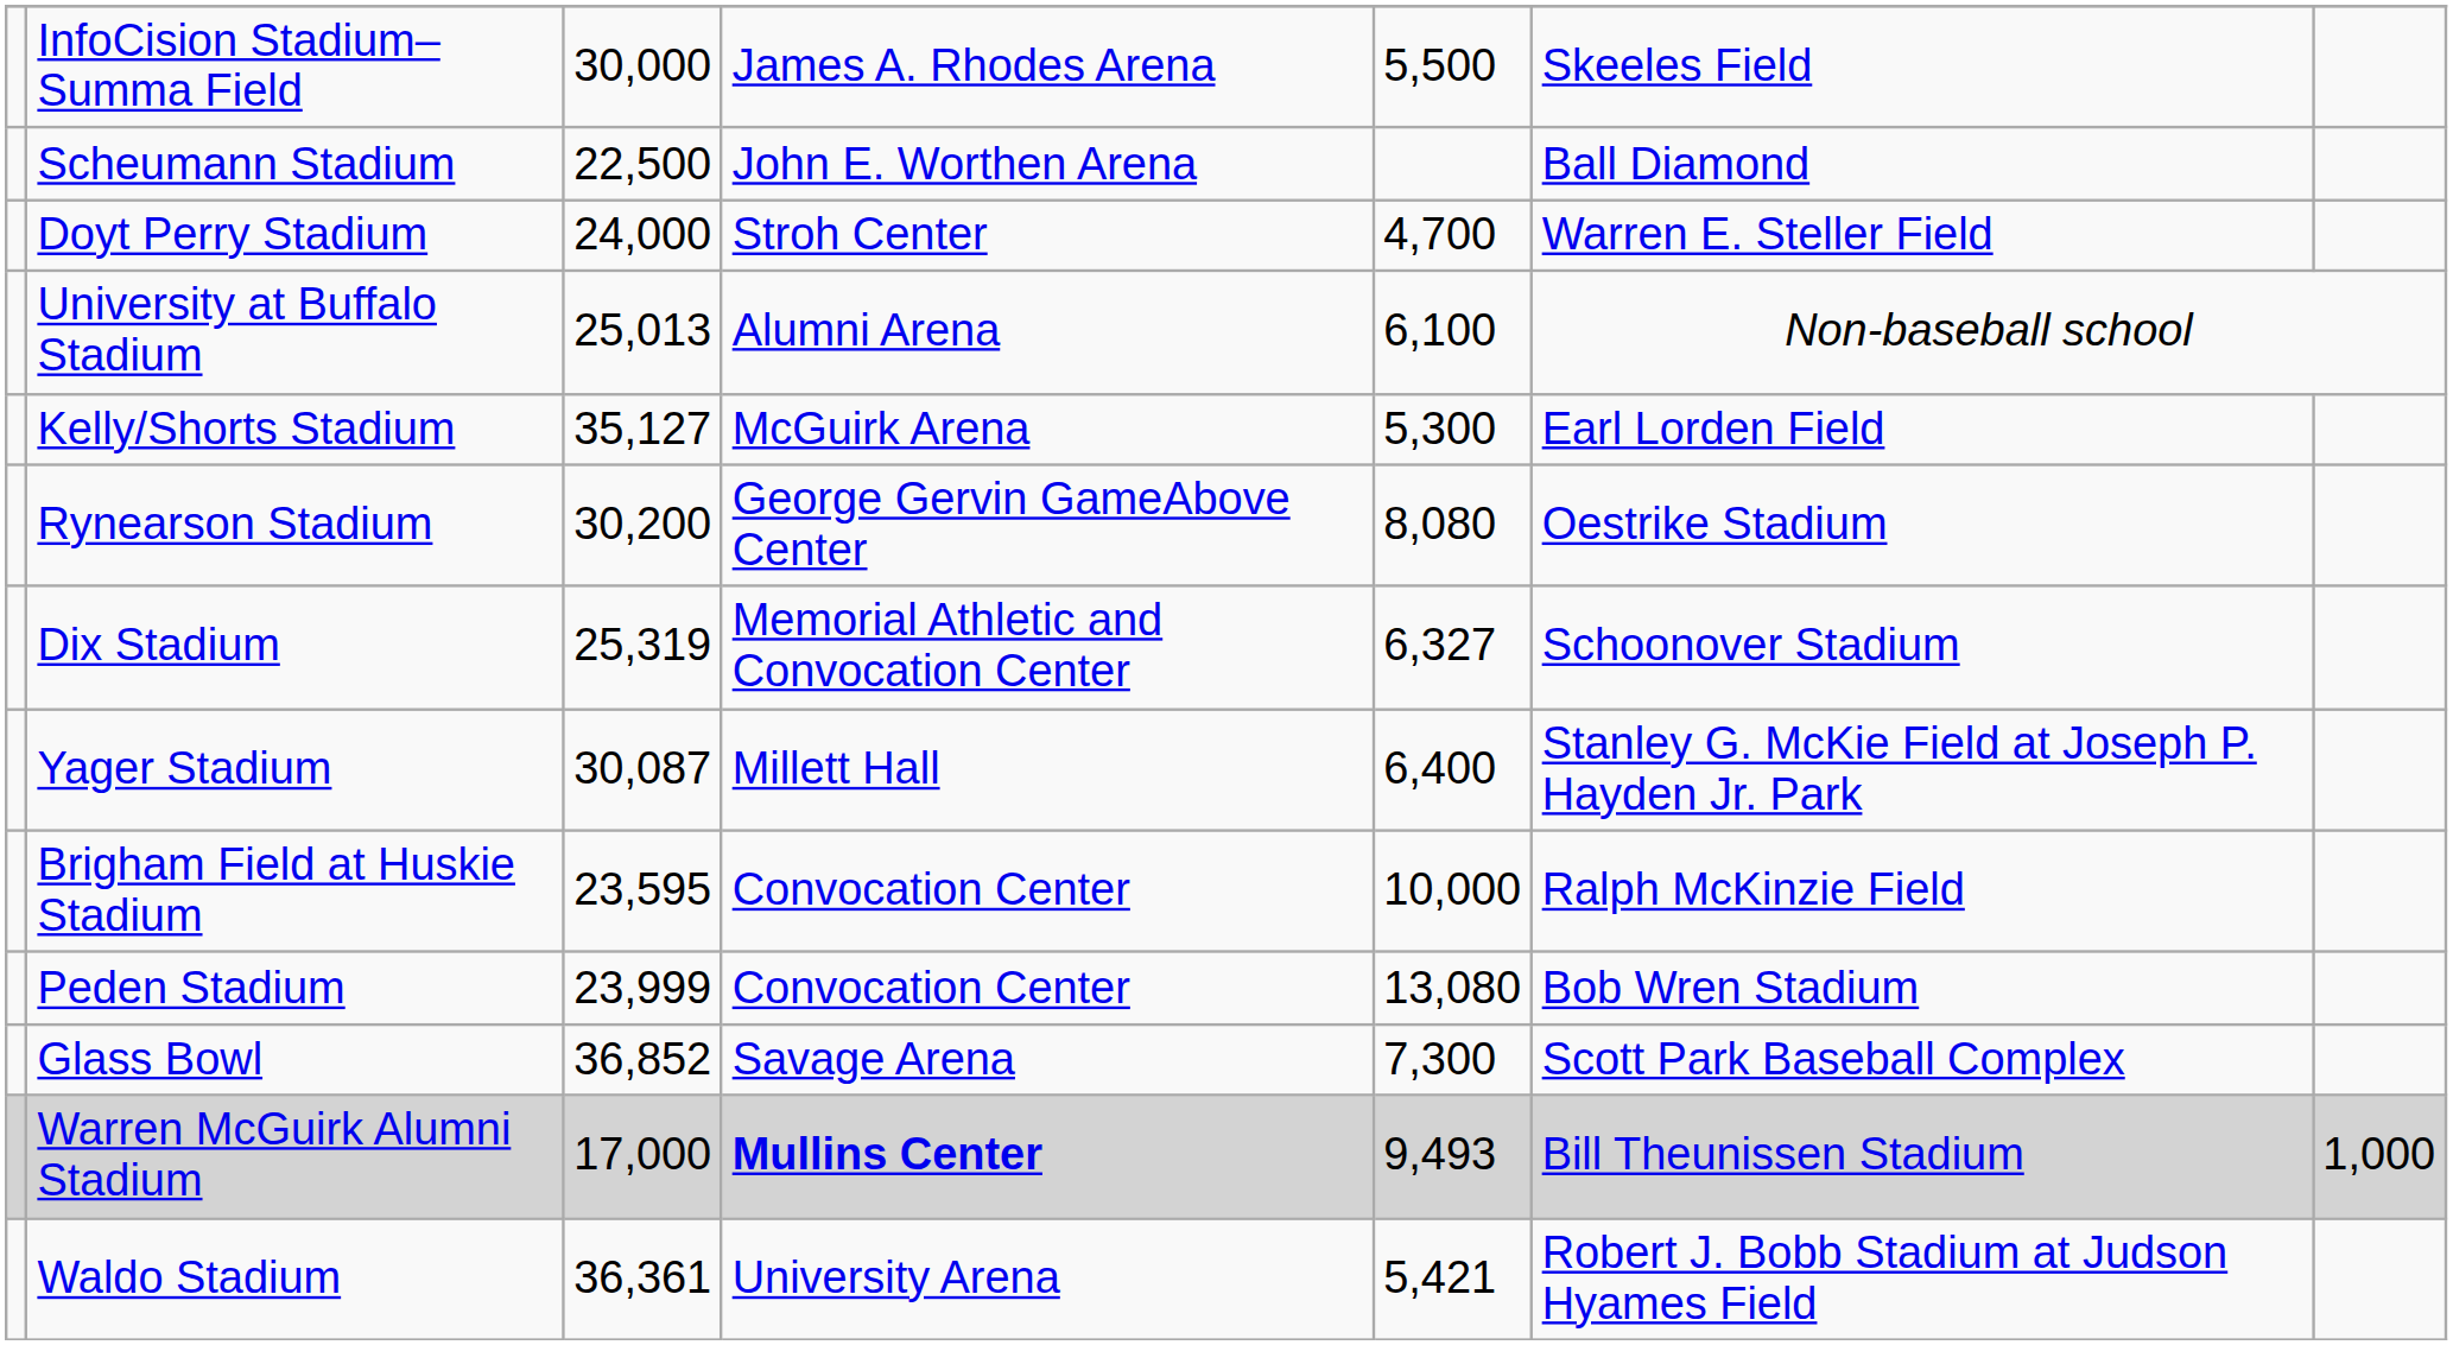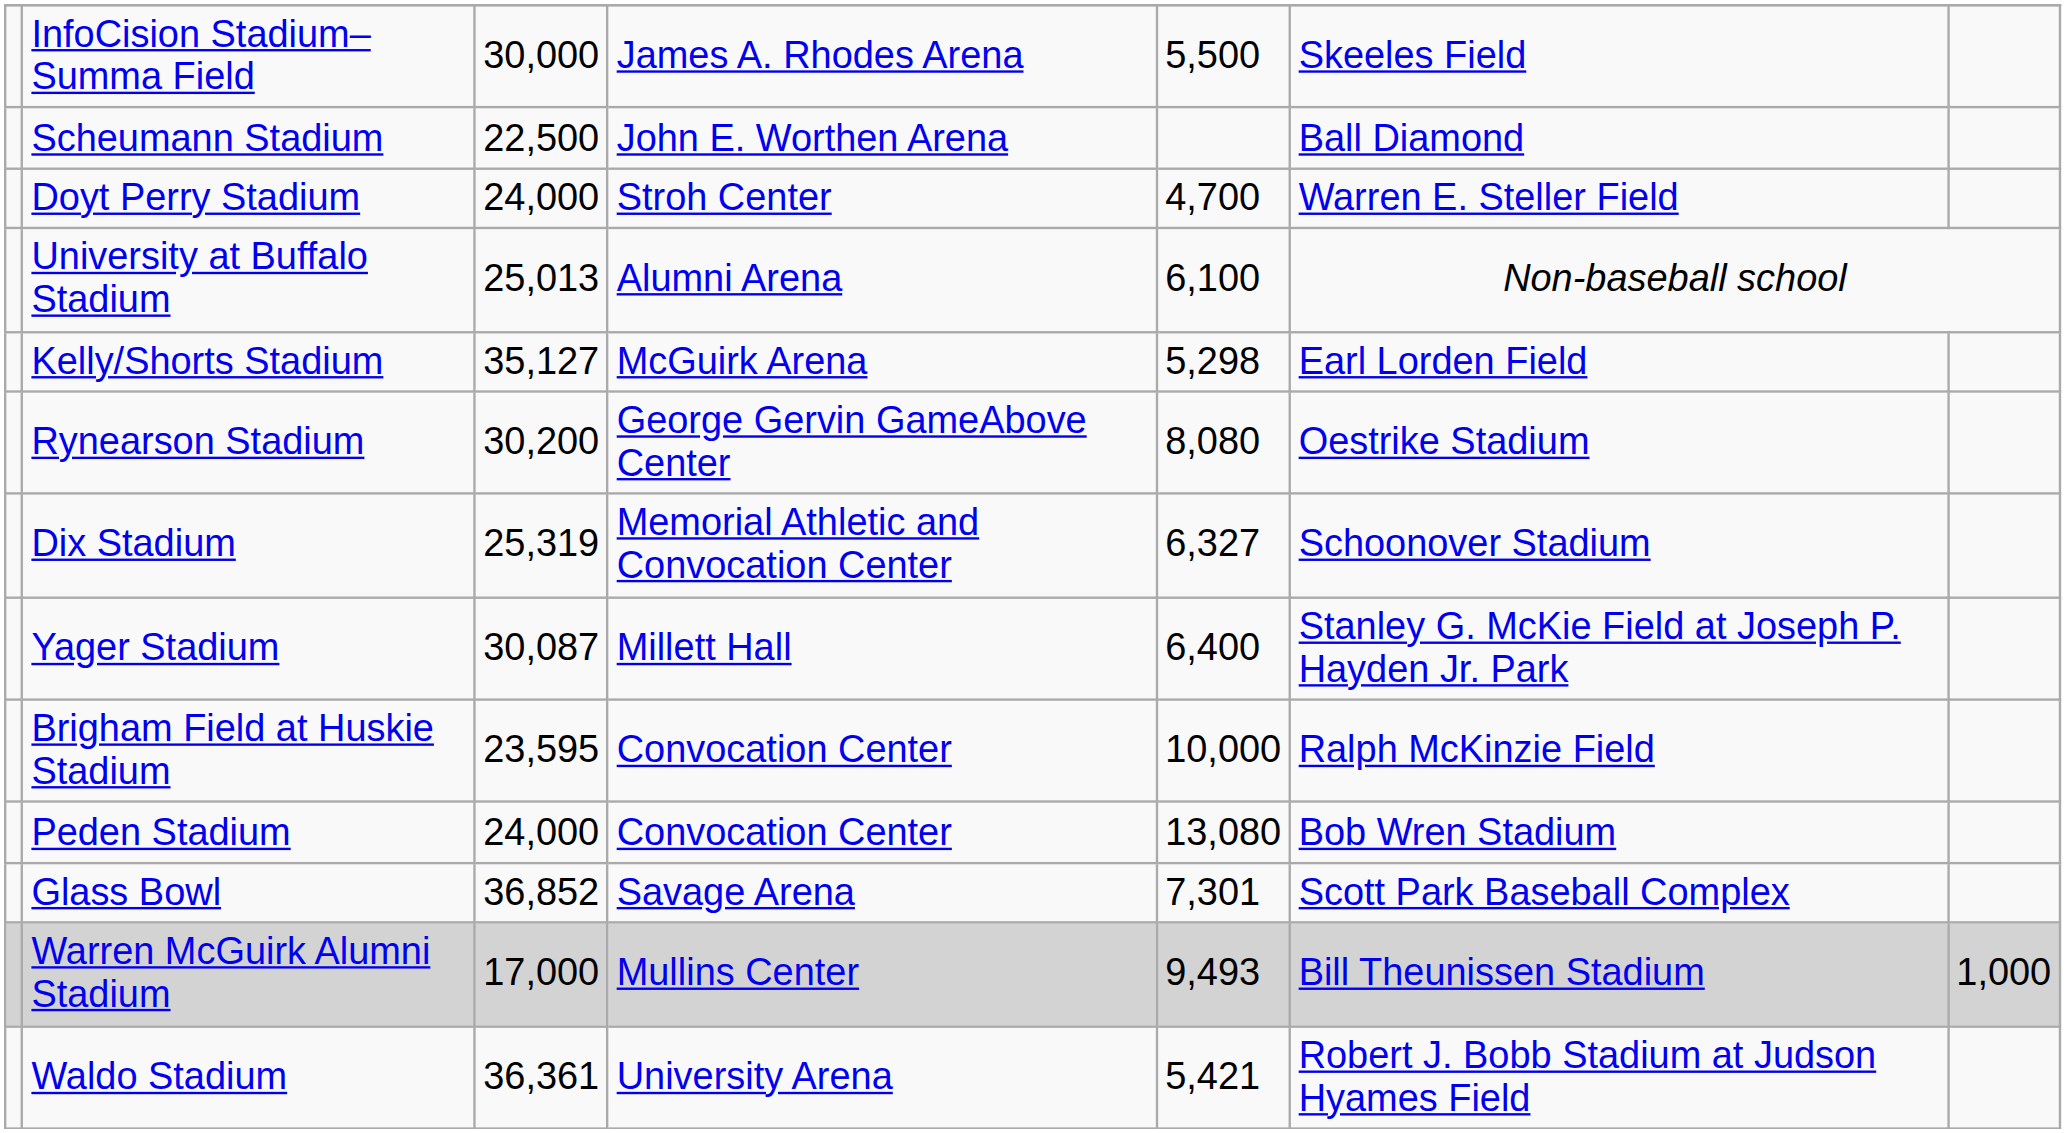 <table class="wikitable sortable">
 <tr>
 </tr>
 <tr>
 <td><a href='#'></a></td>
 <td><a href='#'>InfoCision Stadium–Summa Field</a></td>
 <td>30,000</td>
 <td><a href='#'>James A. Rhodes Arena</a></td>
 <td>5,500</td>
 <td><a href='#'>Skeeles Field</a></td>
 <td></td>
 </tr>
 <tr>
 <td><a href='#'></a></td>
 <td><a href='#'>Scheumann Stadium</a></td>
 <td>22,500</td>
 <td><a href='#'>John E. Worthen Arena</a></td>
 <td></td>
 <td><a href='#'>Ball Diamond</a></td>
 <td></td>
 </tr>
 <tr>
 <td><a href='#'></a></td>
 <td><a href='#'>Doyt Perry Stadium</a></td>
 <td>24,000</td>
 <td><a href='#'>Stroh Center</a></td>
 <td>4,700</td>
 <td><a href='#'>Warren E. Steller Field</a></td>
 <td></td>
 </tr>
 <tr>
 <td><a href='#'></a></td>
 <td><a href='#'>University at Buffalo Stadium</a></td>
 <td>25,013</td>
 <td><a href='#'>Alumni Arena</a></td>
 <td>6,100</td>
 <td colspan=2 align=center><em>Non-baseball school</em></td>
 </tr>
 <tr>
 <td><a href='#'></a></td>
 <td><a href='#'>Kelly/Shorts Stadium</a></td>
 <td>35,127</td>
 <td><a href='#'>McGuirk Arena</a></td>
-<td>5,300</td>
+<td>5,298</td>
 <td><a href='#'>Earl Lorden Field</a></td>
 <td></td>
 </tr>
 <tr>
 <td><a href='#'></a></td>
 <td><a href='#'>Rynearson Stadium</a></td>
 <td>30,200</td>
 <td><a href='#'>George Gervin GameAbove Center</a></td>
 <td>8,080</td>
 <td><a href='#'>Oestrike Stadium</a></td>
 <td></td>
 </tr>
 <tr>
 <td><a href='#'></a></td>
 <td><a href='#'>Dix Stadium</a></td>
 <td>25,319</td>
 <td><a href='#'>Memorial Athletic and Convocation Center</a></td>
 <td>6,327</td>
 <td><a href='#'>Schoonover Stadium</a></td>
 <td></td>
 </tr>
 <tr>
 <td><a href='#'></a></td>
 <td><a href='#'>Yager Stadium</a></td>
 <td>30,087</td>
 <td><a href='#'>Millett Hall</a></td>
 <td>6,400</td>
 <td><a href='#'>Stanley G. McKie Field at Joseph P. Hayden Jr. Park</a></td>
 <td></td>
 </tr>
 <tr>
 <td><a href='#'></a></td>
 <td><a href='#'>Brigham Field at Huskie Stadium</a></td>
 <td>23,595</td>
 <td><a href='#'>Convocation Center</a></td>
 <td>10,000</td>
 <td><a href='#'>Ralph McKinzie Field</a></td>
 <td></td>
 </tr>
 <tr>
 <td><a href='#'></a></td>
 <td><a href='#'>Peden Stadium</a></td>
-<td>23,999</td>
+<td>24,000</td>
 <td><a href='#'>Convocation Center</a></td>
 <td>13,080</td>
 <td><a href='#'>Bob Wren Stadium</a></td>
 <td></td>
 </tr>
 <tr>
 <td><a href='#'></a></td>
 <td><a href='#'>Glass Bowl</a></td>
 <td>36,852</td>
 <td><a href='#'>Savage Arena</a></td>
-<td>7,300</td>
+<td>7,301</td>
 <td><a href='#'>Scott Park Baseball Complex</a></td>
 <td></td>
 </tr>
 <tr bgcolor=lightgray>
 <td><a href='#'></a></td>
 <td><a href='#'>Warren McGuirk Alumni Stadium</a></td>
 <td>17,000</td>
-<td><strong><a href='#'>Mullins Center</a></strong></td>
+<td><a href='#'>Mullins Center</a></td>
 <td>9,493</td>
 <td><a href='#'>Bill Theunissen Stadium</a></td>
 <td>1,000</td>
 </tr>
 <tr>
 <td><a href='#'></a></td>
 <td><a href='#'>Waldo Stadium</a></td>
 <td>36,361</td>
 <td><a href='#'>University Arena</a></td>
 <td>5,421</td>
 <td><a href='#'>Robert J. Bobb Stadium at Judson Hyames Field</a></td>
 <td></td>
 </tr>
 </table>
